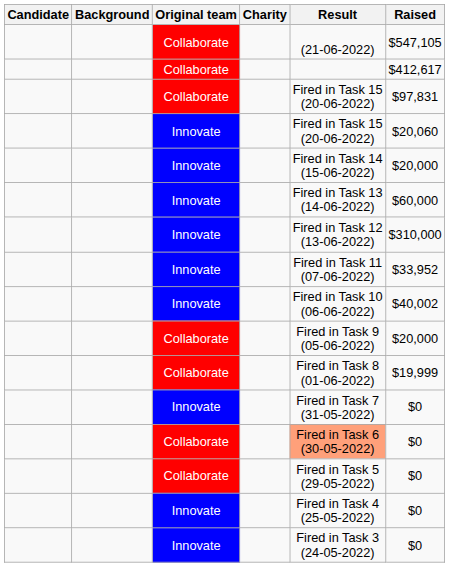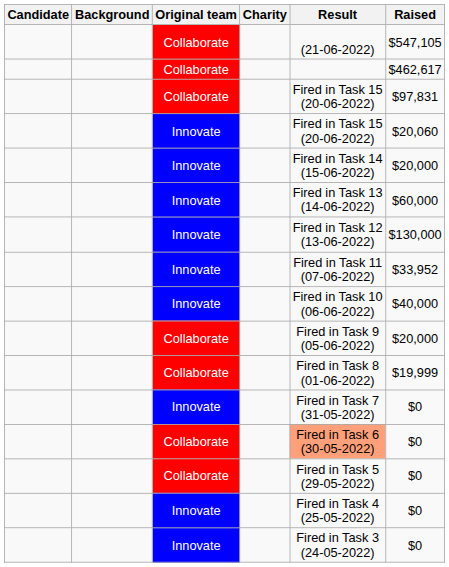 <table class= "wikitable sortable" align=center border="2" cellpadding="3" cellspacing="0" style="text-align: center; font-size:95%">
 <tr>
 <th>Candidate</th>
 <th>Background</th>
 <th>Original team</th>
 <th>Charity</th>
 <th>Result</th>
 <th>Raised</th>
 </tr>
 <tr>
 <td></td>
 <td></td>
 <td style="text-align:center; background:red;color:white;">Collaborate</td>
 <td></td>
 <td><br>(21-06-2022)</td>
 <td>$547,105</td>
 </tr>
 <tr>
 <td></td>
 <td></td>
 <td style="text-align:center; background:red;color:white;">Collaborate</td>
 <td></td>
 <td></td>
-<td>$412,617</td>
+<td>$462,617</td>
 </tr>
 <tr>
 <td></td>
 <td></td>
 <td style="text-align:center; background:red;color:white;">Collaborate</td>
 <td></td>
 <td>Fired in Task 15<br>(20-06-2022)</td>
 <td>$97,831</td>
 </tr>
 <tr>
 <td></td>
 <td></td>
 <td style="text-align:center; background:blue;color:white;">Innovate</td>
 <td></td>
 <td>Fired in Task 15<br>(20-06-2022)</td>
 <td>$20,060</td>
 </tr>
 <tr>
 <td></td>
 <td></td>
 <td style="text-align:center; background:blue;color:white;">Innovate</td>
 <td></td>
 <td>Fired in Task 14<br>(15-06-2022)</td>
 <td>$20,000</td>
 </tr>
 <tr>
 <td></td>
 <td></td>
 <td style="text-align:center; background:blue;color:white;">Innovate</td>
 <td></td>
 <td>Fired in Task 13<br>(14-06-2022)</td>
 <td>$60,000</td>
 </tr>
 <tr>
 <td></td>
 <td></td>
 <td style="text-align:center; background:blue;color:white;">Innovate</td>
 <td></td>
 <td>Fired in Task 12<br>(13-06-2022)</td>
-<td>$310,000</td>
+<td>$130,000</td>
 </tr>
 <tr>
 <td></td>
 <td></td>
 <td style="text-align:center; background:blue;color:white;">Innovate</td>
 <td></td>
 <td>Fired in Task 11<br>(07-06-2022)</td>
 <td>$33,952</td>
 </tr>
 <tr>
 <td></td>
 <td></td>
 <td style="text-align:center; background:blue;color:white;">Innovate</td>
 <td></td>
 <td>Fired in Task 10<br>(06-06-2022)</td>
-<td>$40,002</td>
+<td>$40,000</td>
 </tr>
 <tr>
 <td></td>
 <td></td>
 <td style="text-align:center; background:red;color:white;">Collaborate</td>
 <td></td>
 <td>Fired in Task 9<br>(05-06-2022)</td>
 <td>$20,000</td>
 </tr>
 <tr>
 <td></td>
 <td></td>
 <td style="text-align:center; background:red;color:white;">Collaborate</td>
 <td></td>
 <td>Fired in Task 8<br>(01-06-2022)</td>
 <td>$19,999</td>
 </tr>
 <tr>
 <td></td>
 <td></td>
 <td style="text-align:center; background:blue;color:white;">Innovate</td>
 <td></td>
 <td>Fired in Task 7<br>(31-05-2022)</td>
 <td>$0</td>
 </tr>
 <tr>
 <td></td>
 <td></td>
 <td style="text-align:center; background:red;color:white;">Collaborate</td>
 <td></td>
 <td style="background: lightsalmon;">Fired in Task 6<br>(30-05-2022)</td>
 <td>$0</td>
 </tr>
 <tr>
 <td></td>
 <td></td>
 <td style="text-align:center; background:red;color:white;">Collaborate</td>
 <td></td>
 <td>Fired in Task 5<br>(29-05-2022)</td>
 <td>$0</td>
 </tr>
 <tr>
 <td></td>
 <td></td>
 <td style="text-align:center; background:blue;color:white;">Innovate</td>
 <td></td>
 <td>Fired in Task 4<br>(25-05-2022)</td>
 <td>$0</td>
 </tr>
 <tr>
 <td></td>
 <td></td>
 <td style="text-align:center; background:blue;color:white;">Innovate</td>
 <td></td>
 <td>Fired in Task 3<br>(24-05-2022)</td>
 <td>$0</td>
 </tr>
 </table>
